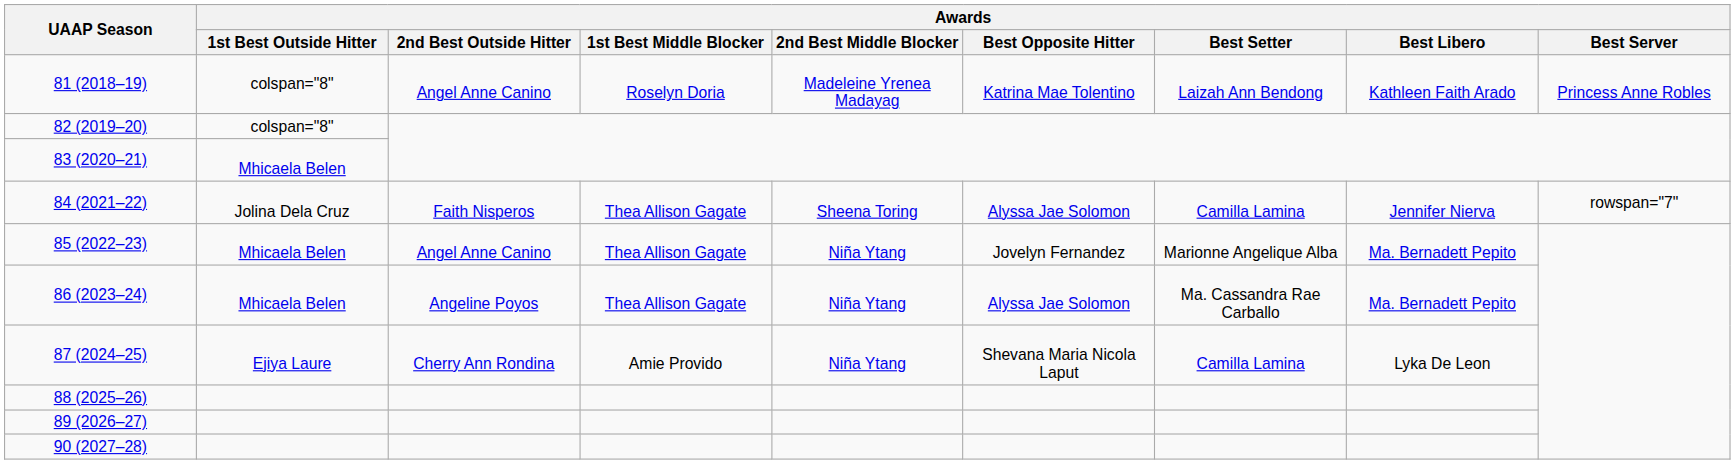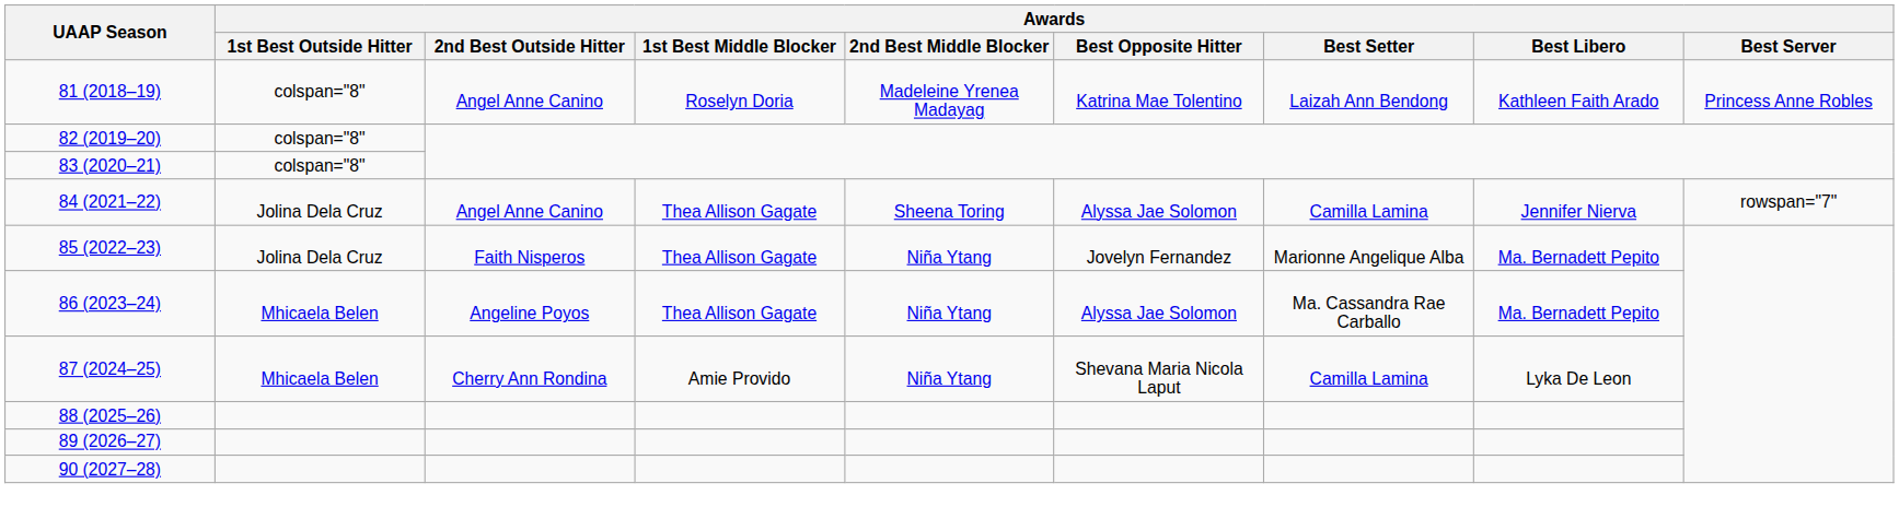 <table class="wikitable" width=100% style="font-size:90%; text-align:center;">
 <tr>
 <th width=10% rowspan=2>UAAP Season</th>
 <th colspan=8>Awards</th>
 </tr>
 <tr>
 <th width=10%>1st Best Outside Hitter</th>
 <th width=10%>2nd Best Outside Hitter</th>
 <th width=10%>1st Best Middle Blocker</th>
 <th width=10%>2nd Best Middle Blocker</th>
 <th width=10%>Best Opposite Hitter</th>
 <th width=10%>Best Setter</th>
 <th width=10%>Best Libero</th>
 <th width=10%>Best Server</th>
 </tr>
 <tr>
 <td><a href='#'>81 (2018–19)</a></td>
 <td>colspan="8" </td>
 <td><br><a href='#'>Angel Anne Canino</a></td>
 <td><br><a href='#'>Roselyn Doria</a></td>
 <td><br><a href='#'>Madeleine Yrenea Madayag</a></td>
 <td><br><a href='#'>Katrina Mae Tolentino</a></td>
 <td><br><a href='#'>Laizah Ann Bendong</a></td>
 <td><br><a href='#'>Kathleen Faith Arado</a></td>
 <td><br><a href='#'>Princess Anne Robles</a></td>
 </tr>
 <tr>
 <td><a href='#'>82 (2019–20)</a></td>
 <td>colspan="8" </td>
 </tr>
 <tr>
 <td><a href='#'>83 (2020–21)</a></td>
-<td><br><a href='#'>Mhicaela Belen</a></td>
+<td>colspan="8" </td>
 </tr>
 <tr>
 <td><a href='#'>84 (2021–22)</a></td>
 <td><br>Jolina Dela Cruz</td>
-<td><br><a href='#'>Faith Nisperos</a></td>
+<td><br><a href='#'>Angel Anne Canino</a></td>
 <td><br><a href='#'>Thea Allison Gagate</a></td>
 <td><br><a href='#'>Sheena Toring</a></td>
 <td><br><a href='#'>Alyssa Jae Solomon</a></td>
 <td><br><a href='#'>Camilla Lamina</a></td>
 <td><br><a href='#'>Jennifer Nierva</a></td>
 <td>rowspan="7" </td>
 </tr>
 <tr>
 <td><a href='#'>85 (2022–23)</a></td>
-<td><br><a href='#'>Mhicaela Belen</a></td>
-<td><br><a href='#'>Angel Anne Canino</a></td>
+<td><br>Jolina Dela Cruz</td>
+<td><br><a href='#'>Faith Nisperos</a></td>
 <td><br><a href='#'>Thea Allison Gagate</a></td>
 <td><br><a href='#'>Niña Ytang</a></td>
 <td><br>Jovelyn Fernandez</td>
 <td><br>Marionne Angelique Alba</td>
 <td><br><a href='#'>Ma. Bernadett Pepito</a></td>
 </tr>
 <tr>
 <td><a href='#'>86 (2023–24)</a></td>
 <td><br><a href='#'>Mhicaela Belen</a></td>
 <td><br><a href='#'>Angeline Poyos</a></td>
 <td><br><a href='#'>Thea Allison Gagate</a></td>
 <td><br><a href='#'>Niña Ytang</a></td>
 <td><br><a href='#'>Alyssa Jae Solomon</a></td>
 <td><br>Ma. Cassandra Rae Carballo</td>
 <td><br><a href='#'>Ma. Bernadett Pepito</a></td>
 </tr>
 <tr>
 <td><a href='#'>87 (2024–25)</a></td>
-<td><br><a href='#'>Ejiya Laure</a></td>
+<td><br><a href='#'>Mhicaela Belen</a></td>
 <td><br><a href='#'>Cherry Ann Rondina</a></td>
 <td><br>Amie Provido</td>
 <td><br><a href='#'>Niña Ytang</a></td>
 <td><br>Shevana Maria Nicola Laput</td>
 <td><br><a href='#'>Camilla Lamina</a></td>
 <td><br>Lyka De Leon</td>
 </tr>
 <tr>
 <td><a href='#'>88 (2025–26)</a></td>
 <td></td>
 <td></td>
 <td></td>
 <td></td>
 <td></td>
 <td></td>
 <td></td>
 </tr>
 <tr>
 <td><a href='#'>89 (2026–27)</a></td>
 <td></td>
 <td></td>
 <td></td>
 <td></td>
 <td></td>
 <td></td>
 <td></td>
 </tr>
 <tr>
 <td><a href='#'>90 (2027–28)</a></td>
 <td></td>
 <td></td>
 <td></td>
 <td></td>
 <td></td>
 <td></td>
 <td></td>
 </tr>
 </table>
